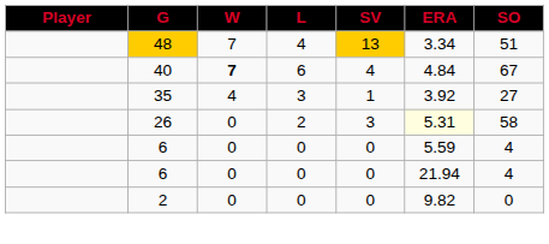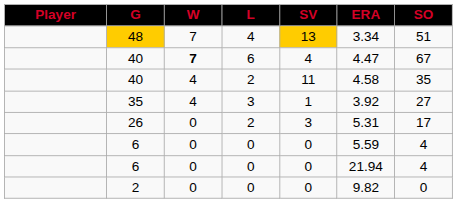 <table class="wikitable sortable">
 <tr>
 <th style="background:black;color:#d40026;" width="16%">Player</th>
 <th style="background:black;color:#d40026;" width="9%">G</th>
 <th style="background:black;color:#d40026;" width="9%">W</th>
 <th style="background:black;color:#d40026;" width="9%">L</th>
 <th style="background:black;color:#d40026;" width="9%">SV</th>
 <th style="background:black;color:#d40026;" width="9%">ERA</th>
 <th style="background:black;color:#d40026;" width="9%">SO</th>
 </tr>
 <tr align="center">
 <td></td>
 <td style="background:#fc0;">48</td>
 <td>7</td>
 <td>4</td>
 <td style="background:#fc0;">13</td>
 <td>3.34</td>
 <td>51</td>
 </tr>
 <tr align="center">
 <td></td>
 <td>40</td>
 <td><strong>7</strong></td>
 <td>6</td>
 <td>4</td>
-<td>4.84</td>
+<td>4.47</td>
 <td>67</td>
+</tr>
+<tr align="center">
+<td></td>
+<td>40</td>
+<td>4</td>
+<td>2</td>
+<td>11</td>
+<td>4.58</td>
+<td>35</td>
 </tr>
 <tr align="center">
 <td></td>
 <td>35</td>
 <td>4</td>
 <td>3</td>
 <td>1</td>
 <td>3.92</td>
 <td>27</td>
 </tr>
 <tr align="center">
 <td></td>
 <td>26</td>
 <td>0</td>
 <td>2</td>
 <td>3</td>
-<td style="background: lightyellow;">5.31</td>
-<td>58</td>
+<td>5.31</td>
+<td>17</td>
 </tr>
 <tr align="center">
 <td></td>
 <td>6</td>
 <td>0</td>
 <td>0</td>
 <td>0</td>
 <td>5.59</td>
 <td>4</td>
 </tr>
 <tr align="center">
 <td></td>
 <td>6</td>
 <td>0</td>
 <td>0</td>
 <td>0</td>
 <td>21.94</td>
 <td>4</td>
 </tr>
 <tr align="center">
 <td></td>
 <td>2</td>
 <td>0</td>
 <td>0</td>
 <td>0</td>
 <td>9.82</td>
 <td>0</td>
 </tr>
 </table>
